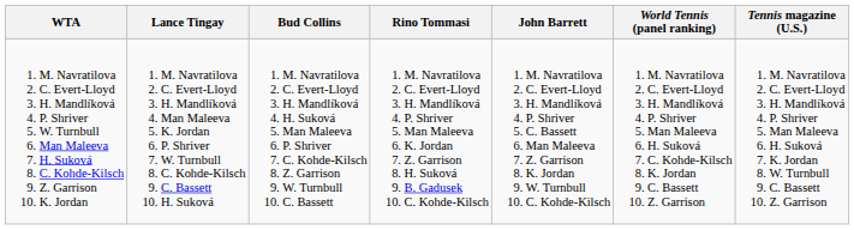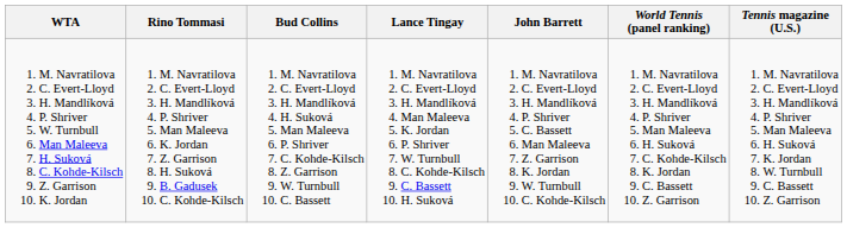 <table class="wikitable">
 <tr>
 <th>WTA</th>
+<th>Rino Tommasi</th>
+<th>Bud Collins</th>
 <th>Lance Tingay</th>
-<th>Bud Collins</th>
-<th>Rino Tommasi</th>
 <th>John Barrett</th>
 <th><em>World Tennis</em><br>(panel ranking)</th>
 <th><em>Tennis</em> magazine<br>(U.S.)</th>
 </tr>
 <tr style="vertical-align: top;">
 <td style="white-space: nowrap;"><br><ol><li> M. Navratilova</li><li> C. Evert-Lloyd</li><li> H. Mandlíková</li><li> P. Shriver</li><li> W. Turnbull</li><li> <a href='#'>Man Maleeva</a></li><li> <a href='#'>H. Suková</a></li><li> <a href='#'>C. Kohde-Kilsch</a></li><li> Z. Garrison</li><li> K. Jordan</li></ol></td>
+<td style="white-space: nowrap;"><br><ol><li> M. Navratilova</li><li> C. Evert-Lloyd</li><li> H. Mandlíková</li><li> P. Shriver</li><li> Man Maleeva</li><li> K. Jordan</li><li> Z. Garrison</li><li> H. Suková</li><li> <a href='#'>B. Gadusek</a></li><li> C. Kohde-Kilsch</li></ol></td>
+<td style="white-space: nowrap;"><br><ol><li> M. Navratilova</li><li> C. Evert-Lloyd</li><li> H. Mandlíková</li><li> H. Suková</li><li> Man Maleeva</li><li> P. Shriver</li><li> C. Kohde-Kilsch</li><li> Z. Garrison</li><li> W. Turnbull</li><li> C. Bassett</li></ol></td>
 <td style="white-space: nowrap;"><br><ol><li> M. Navratilova</li><li> C. Evert-Lloyd</li><li> H. Mandlíková</li><li> Man Maleeva</li><li> K. Jordan</li><li> P. Shriver</li><li> W. Turnbull</li><li> C. Kohde-Kilsch</li><li> <a href='#'>C. Bassett</a></li><li> H. Suková</li></ol></td>
-<td style="white-space: nowrap;"><br><ol><li> M. Navratilova</li><li> C. Evert-Lloyd</li><li> H. Mandlíková</li><li> H. Suková</li><li> Man Maleeva</li><li> P. Shriver</li><li> C. Kohde-Kilsch</li><li> Z. Garrison</li><li> W. Turnbull</li><li> C. Bassett</li></ol></td>
-<td style="white-space: nowrap;"><br><ol><li> M. Navratilova</li><li> C. Evert-Lloyd</li><li> H. Mandlíková</li><li> P. Shriver</li><li> Man Maleeva</li><li> K. Jordan</li><li> Z. Garrison</li><li> H. Suková</li><li> <a href='#'>B. Gadusek</a></li><li> C. Kohde-Kilsch</li></ol></td>
 <td style="white-space: nowrap;"><br><ol><li> M. Navratilova</li><li> C. Evert-Lloyd</li><li> H. Mandlíková</li><li> P. Shriver</li><li> C. Bassett</li><li> Man Maleeva</li><li> Z. Garrison</li><li> K. Jordan</li><li> W. Turnbull</li><li> C. Kohde-Kilsch</li></ol></td>
 <td style="white-space: nowrap;"><br><ol><li> M. Navratilova</li><li> C. Evert-Lloyd</li><li> H. Mandlíková</li><li> P. Shriver</li><li> Man Maleeva</li><li> H. Suková</li><li> C. Kohde-Kilsch</li><li> K. Jordan</li><li> C. Bassett</li><li> Z. Garrison</li></ol></td>
 <td style="white-space: nowrap;"><br><ol><li> M. Navratilova</li><li> C. Evert-Lloyd</li><li> H. Mandlíková</li><li> P. Shriver</li><li> Man Maleeva</li><li> H. Suková</li><li> K. Jordan</li><li> W. Turnbull</li><li> C. Bassett</li><li> Z. Garrison</li></ol></td>
 </tr>
 </table>
